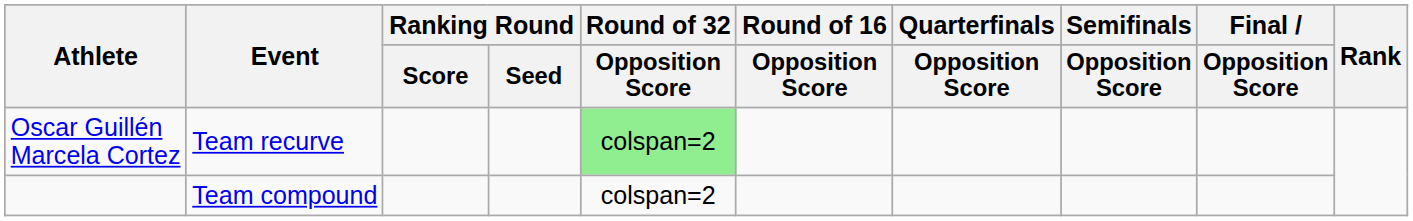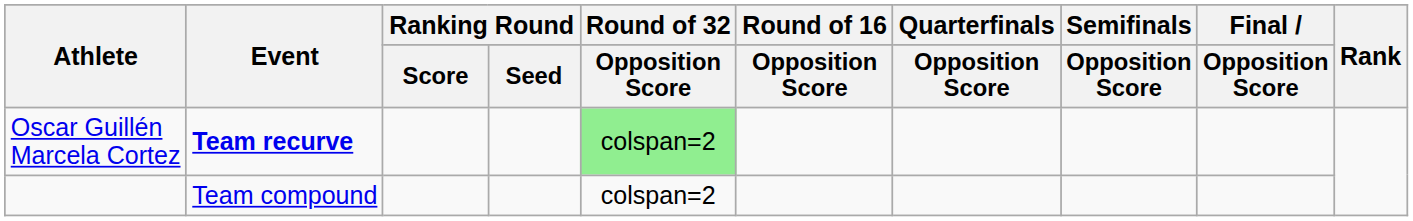 <table class="wikitable" style="font-size:90%">
 <tr>
 <th rowspan="2">Athlete</th>
 <th rowspan="2">Event</th>
 <th colspan="2">Ranking Round</th>
 <th>Round of 32</th>
 <th>Round of 16</th>
 <th>Quarterfinals</th>
 <th>Semifinals</th>
 <th>Final / </th>
 <th rowspan="2">Rank</th>
 </tr>
 <tr style="font-size:95%">
 <th>Score</th>
 <th>Seed</th>
 <th>Opposition<br>Score</th>
 <th>Opposition<br>Score</th>
 <th>Opposition<br>Score</th>
 <th>Opposition<br>Score</th>
 <th>Opposition<br>Score</th>
 </tr>
 <tr align=center>
 <td align=left><a href='#'>Oscar Guillén</a><br><a href='#'>Marcela Cortez</a></td>
-<td align=left><a href='#'>Team recurve</a></td>
+<td align=left><strong><a href='#'>Team recurve</a></strong></td>
 <td></td>
 <td></td>
 <td style="background: lightgreen;">colspan=2 </td>
 <td></td>
 <td></td>
 <td></td>
 <td></td>
 </tr>
 <tr align=center>
 <td align=left></td>
 <td align=left><a href='#'>Team compound</a></td>
 <td></td>
 <td></td>
 <td>colspan=2 </td>
 <td></td>
 <td></td>
 <td></td>
 <td></td>
 </tr>
 </table>
